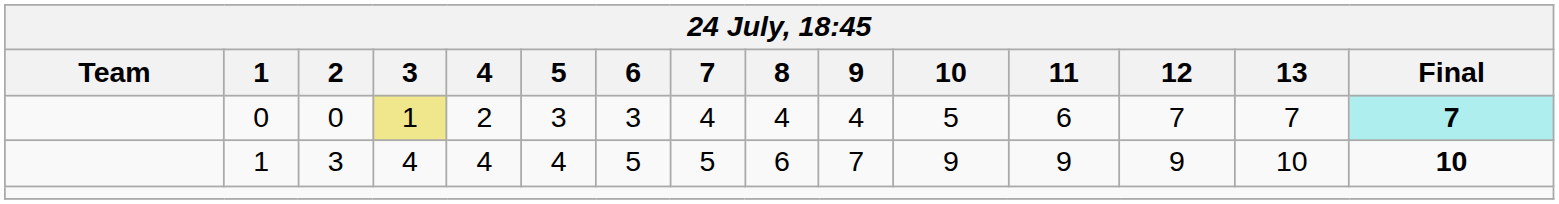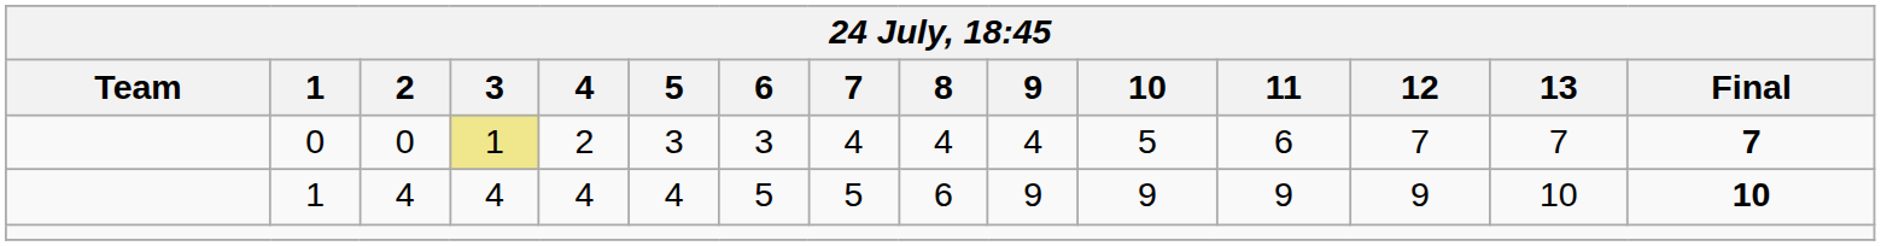 <table class=wikitable style="text-align:center; width: 55%">
 <tr>
 <th colspan=17><em>24 July, 18:45</em></th>
 </tr>
 <tr>
 <th>Team</th>
 <th>1</th>
 <th>2</th>
 <th>3</th>
 <th>4</th>
 <th>5</th>
 <th>6</th>
 <th>7</th>
 <th>8</th>
 <th>9</th>
 <th>10</th>
 <th>11</th>
 <th>12</th>
 <th>13</th>
 <th>Final</th>
 </tr>
 <tr>
 <td align=left></td>
 <td>0</td>
 <td>0</td>
 <td style="background: khaki;">1</td>
 <td>2</td>
 <td>3</td>
 <td>3</td>
 <td>4</td>
 <td>4</td>
 <td>4</td>
 <td>5</td>
 <td>6</td>
 <td>7</td>
 <td>7</td>
-<td style="background: paleturquoise;"><strong>7</strong></td>
+<td><strong>7</strong></td>
 </tr>
 <tr>
 <td align=left><strong></strong></td>
 <td>1</td>
-<td>3</td>
+<td>4</td>
 <td>4</td>
 <td>4</td>
 <td>4</td>
 <td>5</td>
 <td>5</td>
 <td>6</td>
-<td>7</td>
+<td>9</td>
 <td>9</td>
 <td>9</td>
 <td>9</td>
 <td>10</td>
 <td><strong>10</strong></td>
 </tr>
 <tr>
 <td colspan=17></td>
 </tr>
 </table>
